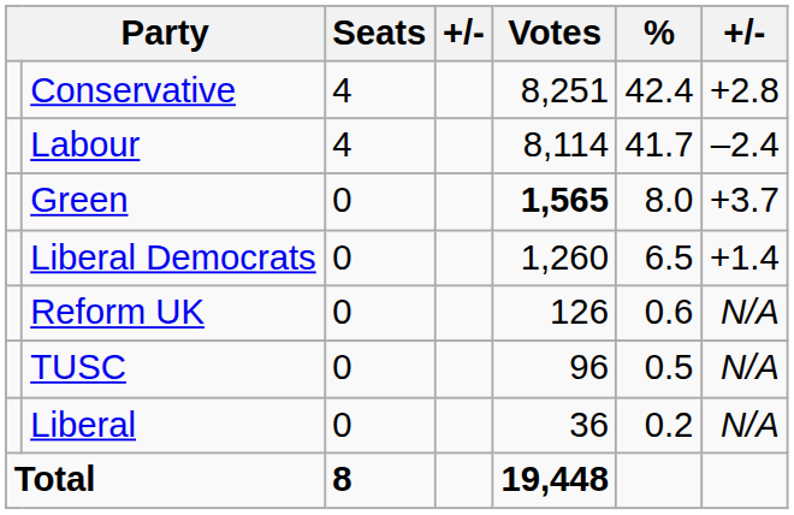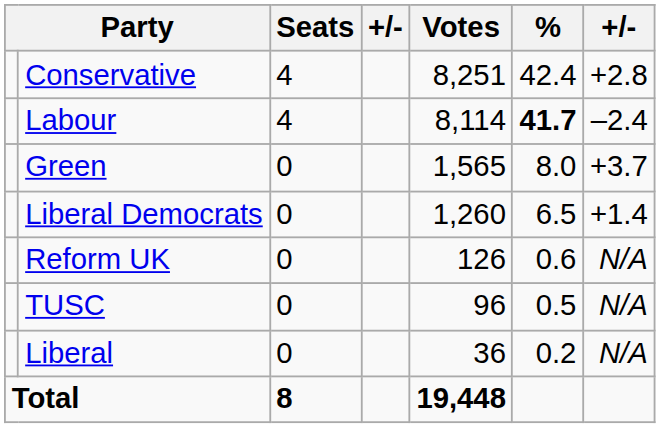 <table class="wikitable sortable">
 <tr>
 <th colspan="2">Party</th>
 <th>Seats</th>
 <th>+/-</th>
 <th>Votes</th>
 <th>%</th>
 <th>+/-</th>
 </tr>
 <tr>
 <td style="background-color: "></td>
 <td><a href='#'>Conservative</a></td>
 <td>4</td>
 <td></td>
 <td style="text-align:right;">8,251</td>
 <td style="text-align:right;">42.4</td>
 <td style="text-align:right;">+2.8</td>
 </tr>
 <tr>
 <td style="background-color: "></td>
 <td><a href='#'>Labour</a></td>
 <td>4</td>
 <td></td>
 <td style="text-align:right;">8,114</td>
-<td style="text-align:right;">41.7</td>
+<td style="text-align:right;"><strong>41.7</strong></td>
 <td style="text-align:right;">–2.4</td>
 </tr>
 <tr>
 <td style="background-color: "></td>
 <td><a href='#'>Green</a></td>
 <td>0</td>
 <td></td>
-<td style="text-align:right;"><strong>1,565</strong></td>
+<td style="text-align:right;">1,565</td>
 <td style="text-align:right;">8.0</td>
 <td style="text-align:right;">+3.7</td>
 </tr>
 <tr>
 <td style="background-color: "></td>
 <td><a href='#'>Liberal Democrats</a></td>
 <td>0</td>
 <td></td>
 <td style="text-align:right;">1,260</td>
 <td style="text-align:right;">6.5</td>
 <td style="text-align:right;">+1.4</td>
 </tr>
 <tr>
 <td style="background-color: "></td>
 <td><a href='#'>Reform UK</a></td>
 <td>0</td>
 <td></td>
 <td style="text-align:right;">126</td>
 <td style="text-align:right;">0.6</td>
 <td style="text-align:right;"><em>N/A</em></td>
 </tr>
 <tr>
 <td style="background-color: "></td>
 <td><a href='#'>TUSC</a></td>
 <td>0</td>
 <td></td>
 <td style="text-align:right;">96</td>
 <td style="text-align:right;">0.5</td>
 <td style="text-align:right;"><em>N/A</em></td>
 </tr>
 <tr>
 <td style="background-color: "></td>
 <td><a href='#'>Liberal</a></td>
 <td>0</td>
 <td></td>
 <td style="text-align:right;">36</td>
 <td style="text-align:right;">0.2</td>
 <td style="text-align:right;"><em>N/A</em></td>
 </tr>
 <tr>
 <td colspan="2"><strong>Total</strong></td>
 <td><strong>8</strong></td>
 <td></td>
 <td style="text-align:right;"><strong>19,448</strong></td>
 <td style="text-align:right;"></td>
 <td style="text-align:right;"></td>
 </tr>
 </table>
